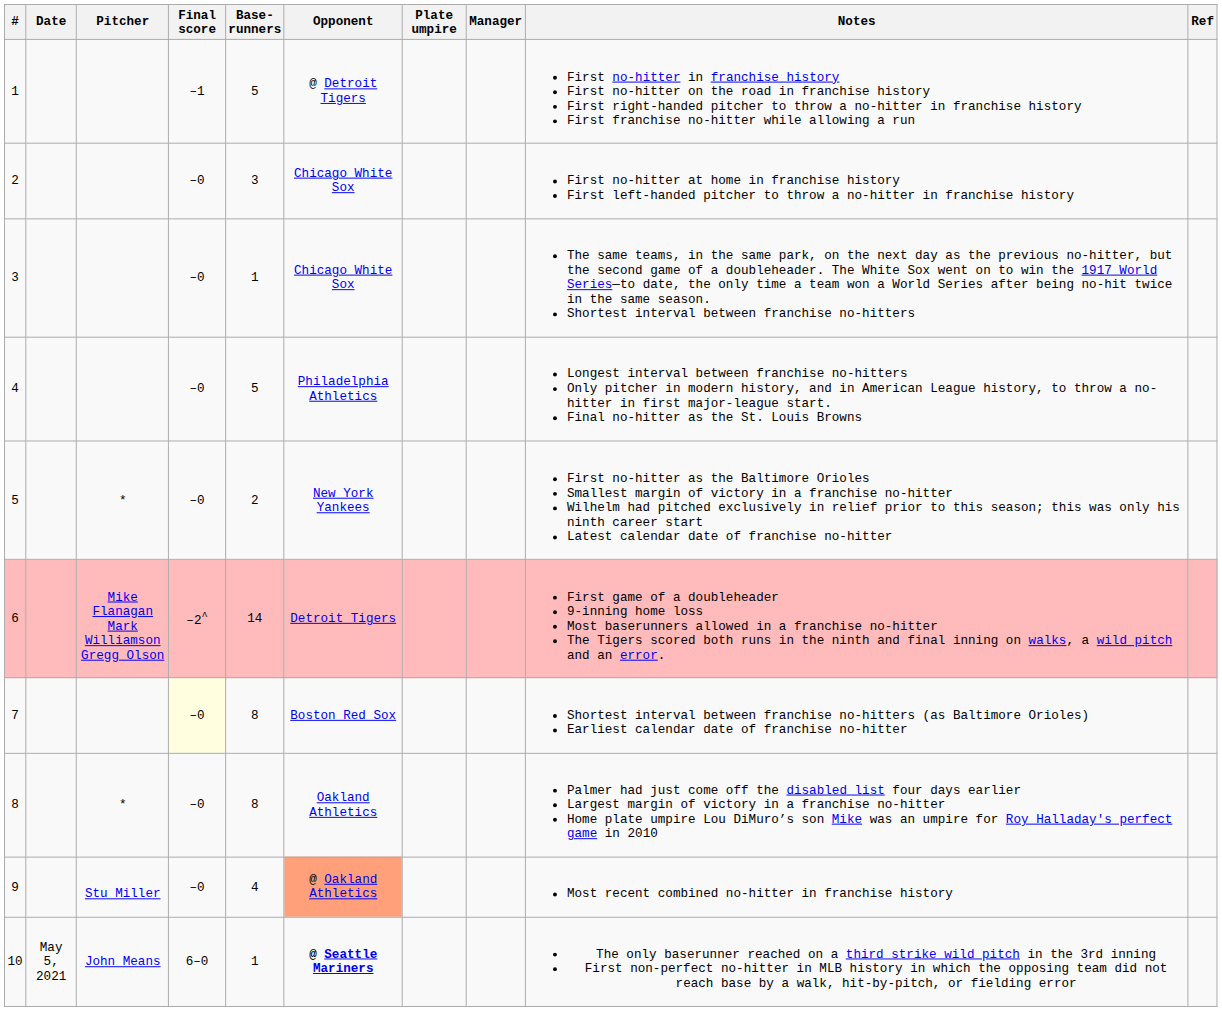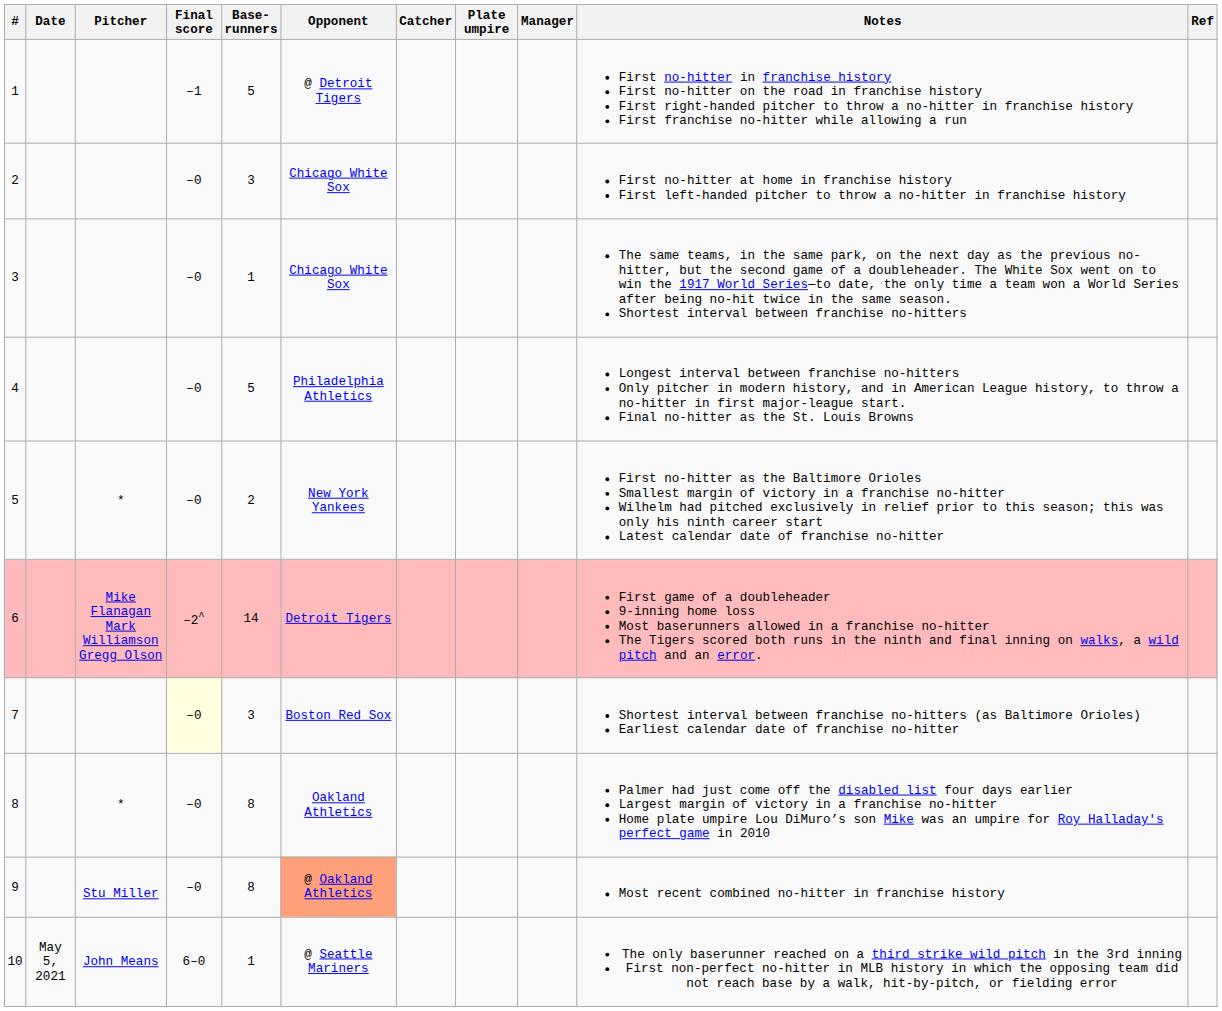 <table class="wikitable sortable" style="text-align:center" border="1">
 <tr>
 <th>#</th>
 <th>Date</th>
 <th>Pitcher</th>
 <th>Final score</th>
 <th>Base-<br>runners</th>
 <th>Opponent</th>
+<th>Catcher</th>
 <th>Plate umpire</th>
 <th>Manager</th>
 <th class="unsortable">Notes</th>
 <th class="unsortable">Ref</th>
 </tr>
 <tr>
 <td>1</td>
 <td></td>
 <td></td>
 <td>–1</td>
 <td>5</td>
 <td>@ <a href='#'>Detroit Tigers</a></td>
 <td></td>
 <td></td>
+<td></td>
 <td align="left"><br><ul><li>First <a href='#'>no-hitter</a> in <a href='#'>franchise history</a></li><li>First no-hitter on the road in franchise history</li><li>First right-handed pitcher to throw a no-hitter in franchise history</li><li>First franchise no-hitter while allowing a run</li></ul></td>
 <td></td>
 </tr>
 <tr>
 <td>2</td>
 <td></td>
 <td></td>
 <td>–0</td>
 <td>3</td>
 <td><a href='#'>Chicago White Sox</a></td>
+<td> </td>
 <td> </td>
 <td> </td>
 <td align="left"><br><ul><li>First no-hitter at home in franchise history</li><li>First left-handed pitcher to throw a no-hitter in franchise history</li></ul></td>
 <td></td>
 </tr>
 <tr>
 <td>3</td>
 <td></td>
 <td></td>
 <td>–0</td>
 <td>1</td>
 <td><a href='#'>Chicago White Sox</a></td>
 <td> </td>
 <td> </td>
+<td> </td>
 <td align="left"><br><ul><li>The same teams, in the same park, on the next day as the previous no-hitter, but the second game of a doubleheader. The White Sox went on to win the <a href='#'>1917 World Series</a>—to date, the only time a team won a World Series after being no-hit twice in the same season.</li><li>Shortest interval between franchise no-hitters</li></ul></td>
 <td></td>
 </tr>
 <tr>
 <td>4</td>
 <td></td>
 <td></td>
 <td>–0</td>
 <td>5</td>
 <td><a href='#'>Philadelphia Athletics</a></td>
+<td></td>
 <td></td>
 <td></td>
 <td align="left"><br><ul><li>Longest interval between franchise no-hitters</li><li>Only pitcher in modern history, and in American League history, to throw a no-hitter in first major-league start.</li><li>Final no-hitter as the St. Louis Browns</li></ul></td>
 <td></td>
 </tr>
 <tr>
 <td>5</td>
 <td></td>
 <td>*</td>
 <td>–0</td>
 <td>2</td>
 <td><a href='#'>New York Yankees</a></td>
 <td></td>
 <td></td>
+<td></td>
 <td align="left"><br><ul><li>First no-hitter as the Baltimore Orioles</li><li>Smallest margin of victory in a franchise no-hitter</li><li>Wilhelm had pitched exclusively in relief prior to this season; this was only his ninth career start</li><li>Latest calendar date of franchise no-hitter</li></ul></td>
 <td></td>
 </tr>
 <tr bgcolor="#ffbbbb">
 <td>6</td>
 <td></td>
 <td> <br><a href='#'>Mike Flanagan</a> <br><a href='#'>Mark Williamson</a> <br><a href='#'>Gregg Olson</a> </td>
 <td>–2<sup>^</sup></td>
 <td>14</td>
 <td><a href='#'>Detroit Tigers</a></td>
 <td></td>
+<td></td>
 <td> </td>
 <td align="left"><br><ul><li>First game of a doubleheader</li><li>9-inning home loss</li><li>Most baserunners allowed in a franchise no-hitter</li><li>The Tigers scored both runs in the ninth and final inning on <a href='#'>walks</a>, a <a href='#'>wild pitch</a> and an <a href='#'>error</a>.</li></ul></td>
 <td></td>
 </tr>
 <tr>
 <td>7</td>
 <td></td>
 <td></td>
 <td style="background: lightyellow;">–0</td>
-<td>8</td>
+<td>3</td>
 <td><a href='#'>Boston Red Sox</a></td>
+<td></td>
 <td></td>
 <td> </td>
 <td align="left"><br><ul><li>Shortest interval between franchise no-hitters (as Baltimore Orioles)</li><li>Earliest calendar date of franchise no-hitter</li></ul></td>
 <td></td>
 </tr>
 <tr>
 <td>8</td>
 <td></td>
 <td>*</td>
 <td>–0</td>
 <td>8</td>
 <td><a href='#'>Oakland Athletics</a></td>
 <td></td>
 <td></td>
+<td></td>
 <td align="left"><br><ul><li>Palmer had just come off the <a href='#'>disabled list</a> four days earlier</li><li>Largest margin of victory in a franchise no-hitter</li><li>Home plate umpire Lou DiMuro’s son <a href='#'>Mike</a> was an umpire for <a href='#'>Roy Halladay's perfect game</a> in 2010</li></ul></td>
 <td></td>
 </tr>
 <tr>
 <td>9</td>
 <td></td>
 <td> <br><a href='#'>Stu Miller</a> </td>
 <td>–0</td>
-<td>4</td>
+<td>8</td>
 <td style="background: lightsalmon;">@ <a href='#'>Oakland Athletics</a></td>
+<td></td>
 <td></td>
 <td></td>
 <td align="left"><br><ul><li>Most recent combined no-hitter in franchise history</li></ul></td>
 <td></td>
 </tr>
 <tr>
 <td>10</td>
 <td>May 5, 2021</td>
 <td><a href='#'>John Means</a></td>
 <td>6–0</td>
 <td>1</td>
-<td><strong>@ <a href='#'>Seattle Mariners</a></strong></td>
+<td>@ <a href='#'>Seattle Mariners</a></td>
+<td></td>
 <td></td>
 <td></td>
 <td><br><ul><li>The only baserunner reached on a <a href='#'>third strike wild pitch</a> in the 3rd inning</li><li>First non-perfect no-hitter in MLB history in which the opposing team did not reach base by a walk, hit-by-pitch, or fielding error</li></ul></td>
 <td></td>
 </tr>
 </table>
